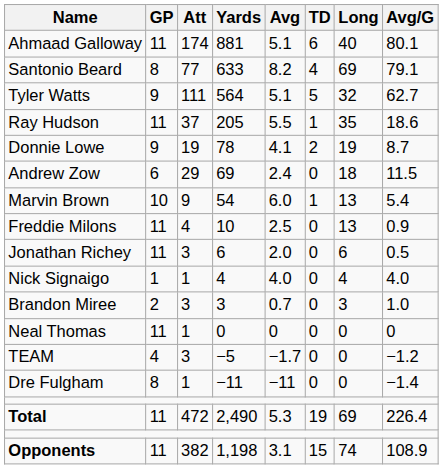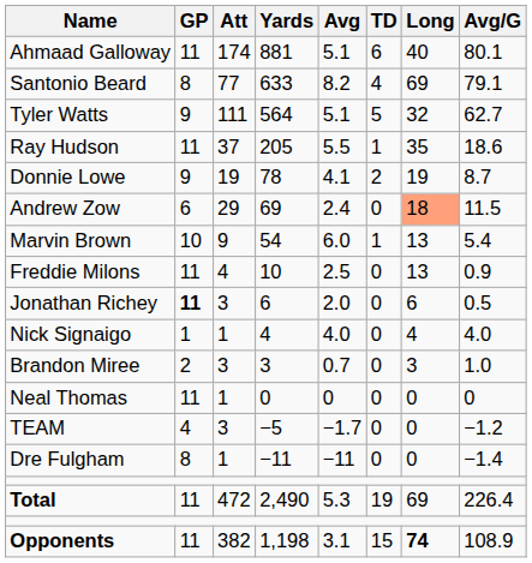 <table class="wikitable" style="white-space:nowrap;">
 <tr>
 <th>Name</th>
 <th>GP</th>
 <th>Att</th>
 <th>Yards</th>
 <th>Avg</th>
 <th>TD</th>
 <th>Long</th>
 <th>Avg/G</th>
 </tr>
 <tr>
 <td>Ahmaad Galloway</td>
 <td>11</td>
 <td>174</td>
 <td>881</td>
 <td>5.1</td>
 <td>6</td>
 <td>40</td>
 <td>80.1</td>
 </tr>
 <tr>
 <td>Santonio Beard</td>
 <td>8</td>
 <td>77</td>
 <td>633</td>
 <td>8.2</td>
 <td>4</td>
 <td>69</td>
 <td>79.1</td>
 </tr>
 <tr>
 <td>Tyler Watts</td>
 <td>9</td>
 <td>111</td>
 <td>564</td>
 <td>5.1</td>
 <td>5</td>
 <td>32</td>
 <td>62.7</td>
 </tr>
 <tr>
 <td>Ray Hudson</td>
 <td>11</td>
 <td>37</td>
 <td>205</td>
 <td>5.5</td>
 <td>1</td>
 <td>35</td>
 <td>18.6</td>
 </tr>
 <tr>
 <td>Donnie Lowe</td>
 <td>9</td>
 <td>19</td>
 <td>78</td>
 <td>4.1</td>
 <td>2</td>
 <td>19</td>
 <td>8.7</td>
 </tr>
 <tr>
 <td>Andrew Zow</td>
 <td>6</td>
 <td>29</td>
 <td>69</td>
 <td>2.4</td>
 <td>0</td>
-<td>18</td>
+<td style="background: lightsalmon;">18</td>
 <td>11.5</td>
 </tr>
 <tr>
 <td>Marvin Brown</td>
 <td>10</td>
 <td>9</td>
 <td>54</td>
 <td>6.0</td>
 <td>1</td>
 <td>13</td>
 <td>5.4</td>
 </tr>
 <tr>
 <td>Freddie Milons</td>
 <td>11</td>
 <td>4</td>
 <td>10</td>
 <td>2.5</td>
 <td>0</td>
 <td>13</td>
 <td>0.9</td>
 </tr>
 <tr>
 <td>Jonathan Richey</td>
-<td>11</td>
+<td><strong>11</strong></td>
 <td>3</td>
 <td>6</td>
 <td>2.0</td>
 <td>0</td>
 <td>6</td>
 <td>0.5</td>
 </tr>
 <tr>
 <td>Nick Signaigo</td>
 <td>1</td>
 <td>1</td>
 <td>4</td>
 <td>4.0</td>
 <td>0</td>
 <td>4</td>
 <td>4.0</td>
 </tr>
 <tr>
 <td>Brandon Miree</td>
 <td>2</td>
 <td>3</td>
 <td>3</td>
 <td>0.7</td>
 <td>0</td>
 <td>3</td>
 <td>1.0</td>
 </tr>
 <tr>
 <td>Neal Thomas</td>
 <td>11</td>
 <td>1</td>
 <td>0</td>
 <td>0</td>
 <td>0</td>
 <td>0</td>
 <td>0</td>
 </tr>
 <tr>
 <td>TEAM</td>
 <td>4</td>
 <td>3</td>
 <td>−5</td>
 <td>−1.7</td>
 <td>0</td>
 <td>0</td>
 <td>−1.2</td>
 </tr>
 <tr>
 <td>Dre Fulgham</td>
 <td>8</td>
 <td>1</td>
 <td>−11</td>
 <td>−11</td>
 <td>0</td>
 <td>0</td>
 <td>−1.4</td>
 </tr>
 <tr>
 <td colspan=9></td>
 </tr>
 <tr>
 <td><strong>Total</strong></td>
 <td>11</td>
 <td>472</td>
 <td>2,490</td>
 <td>5.3</td>
 <td>19</td>
 <td>69</td>
 <td>226.4</td>
 </tr>
 <tr>
 <td colspan=9></td>
 </tr>
 <tr>
 <td><strong>Opponents</strong></td>
 <td>11</td>
 <td>382</td>
 <td>1,198</td>
 <td>3.1</td>
 <td>15</td>
-<td>74</td>
+<td><strong>74</strong></td>
 <td>108.9</td>
 </tr>
 </table>
